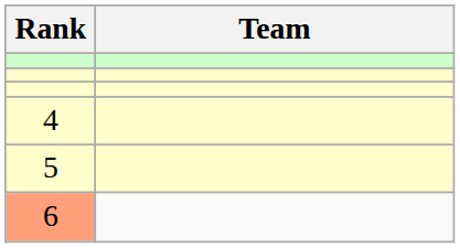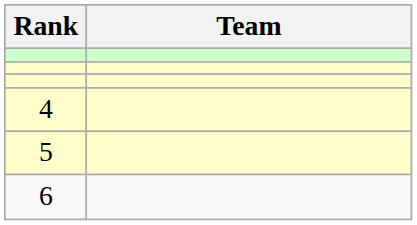 <table class="wikitable" style="text-align: center;">
 <tr>
 <th width=40>Rank</th>
 <th width=180>Team</th>
 </tr>
 <tr bgcolor=#ccffcc>
 <td></td>
 <td align="left"></td>
 </tr>
 <tr bgcolor=#ffffcc>
 <td></td>
 <td align="left"></td>
 </tr>
 <tr bgcolor=#ffffcc>
 <td></td>
 <td align="left"></td>
 </tr>
 <tr bgcolor=#ffffcc>
 <td>4</td>
 <td align="left"></td>
 </tr>
 <tr bgcolor=#ffffcc>
 <td>5</td>
 <td align="left"></td>
 </tr>
 <tr>
-<td style="background: lightsalmon;">6</td>
+<td>6</td>
 <td align="left"></td>
 </tr>
 </table>
